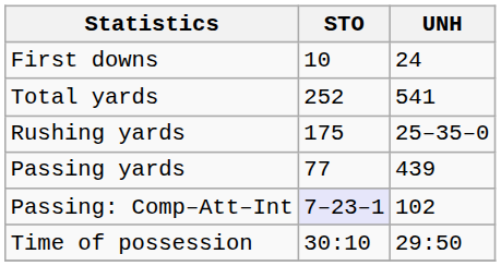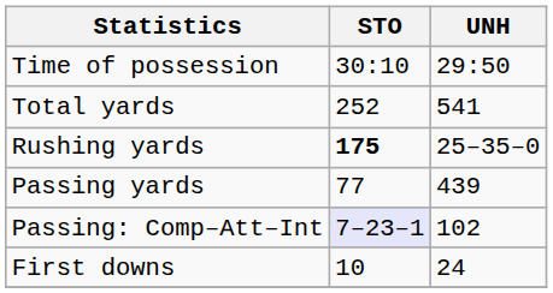 <table class="wikitable" style="float: left;">
 <tr>
 <th>Statistics</th>
 <th>STO</th>
 <th>UNH</th>
 </tr>
 <tr>
-<td>First downs</td>
-<td>10</td>
-<td>24</td>
+<td>Time of possession</td>
+<td>30:10</td>
+<td>29:50</td>
 </tr>
 <tr>
 <td>Total yards</td>
 <td>252</td>
 <td>541</td>
 </tr>
 <tr>
 <td>Rushing yards</td>
-<td>175</td>
+<td><strong>175</strong></td>
 <td>25–35–0</td>
 </tr>
 <tr>
 <td>Passing yards</td>
 <td>77</td>
 <td>439</td>
 </tr>
 <tr>
 <td>Passing: Comp–Att–Int</td>
 <td style="background: lavender;">7–23–1</td>
 <td>102</td>
 </tr>
 <tr>
-<td>Time of possession</td>
-<td>30:10</td>
-<td>29:50</td>
+<td>First downs</td>
+<td>10</td>
+<td>24</td>
 </tr>
 <tr>
 </tr>
 </table>
